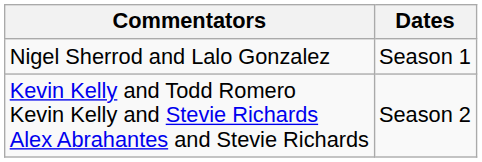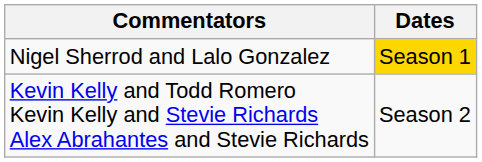 <table class="wikitable">
 <tr>
 <th>Commentators</th>
 <th>Dates</th>
 </tr>
 <tr>
 <td>Nigel Sherrod and Lalo Gonzalez</td>
-<td>Season 1</td>
+<td style="background: gold;">Season 1</td>
 </tr>
 <tr>
 <td><a href='#'>Kevin Kelly</a> and Todd Romero<br>Kevin Kelly and <a href='#'>Stevie Richards</a><br><a href='#'>Alex Abrahantes</a> and Stevie Richards</td>
 <td>Season 2</td>
 </tr>
 </table>
